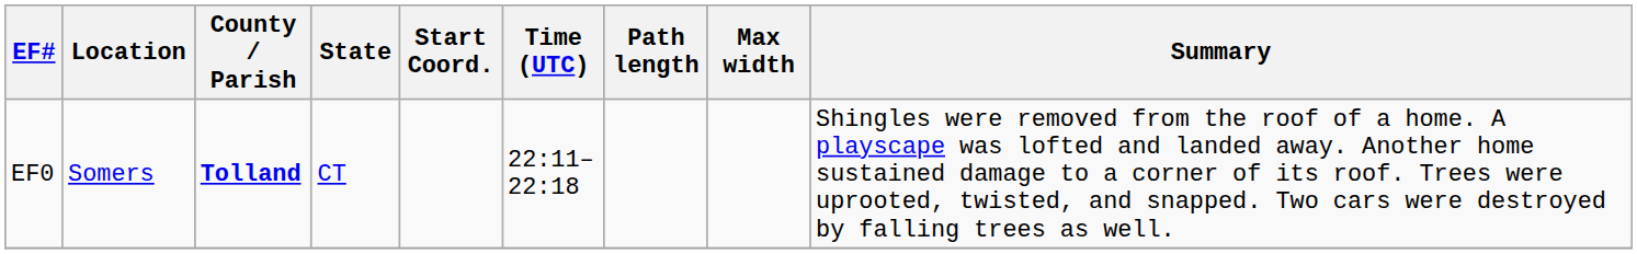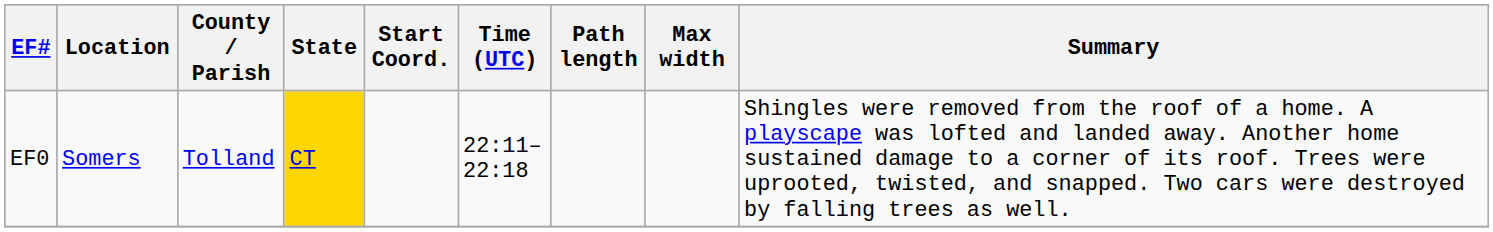 <table class="wikitable sortable" style="width:100%;">
 <tr>
 <th scope="col"  style="width:3%; text-align:center;"><a href='#'>EF#</a></th>
 <th scope="col"  style="width:7%; text-align:center;" class="unsortable">Location</th>
 <th scope="col"  style="width:6%; text-align:center;" class="unsortable">County / Parish</th>
 <th scope="col"  style="width:5%; text-align:center;">State</th>
 <th scope="col"  style="width:6%; text-align:center;">Start Coord.</th>
 <th scope="col"  style="width:6%; text-align:center;">Time (<a href='#'>UTC</a>)</th>
 <th scope="col"  style="width:6%; text-align:center;">Path length</th>
 <th scope="col"  style="width:6%; text-align:center;">Max width</th>
 <th scope="col" class="unsortable" style="width:48%; text-align:center;">Summary</th>
 </tr>
 <tr>
 <td>EF0</td>
 <td><a href='#'>Somers</a></td>
-<td><strong><a href='#'>Tolland</a></strong></td>
-<td><a href='#'>CT</a></td>
+<td><a href='#'>Tolland</a></td>
+<td style="background: gold;"><a href='#'>CT</a></td>
 <td></td>
 <td>22:11–22:18</td>
 <td></td>
 <td></td>
 <td>Shingles were removed from the roof of a home. A <a href='#'>playscape</a> was lofted and landed  away. Another home sustained damage to a corner of its roof. Trees were uprooted, twisted, and snapped. Two cars were destroyed by falling trees as well.</td>
 </tr>
 <tr>
 </tr>
 </table>
